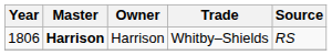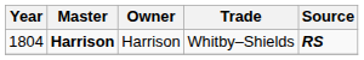 <table class=" wikitable">
 <tr>
 <th>Year</th>
 <th>Master</th>
 <th>Owner</th>
 <th>Trade</th>
 <th>Source</th>
 </tr>
 <tr>
-<td>1806</td>
+<td>1804</td>
 <td><strong>Harrison</strong></td>
 <td>Harrison</td>
 <td>Whitby–Shields</td>
-<td><em>RS</em></td>
+<td><strong><em>RS</em></strong></td>
 </tr>
 <tr>
 </tr>
 </table>
